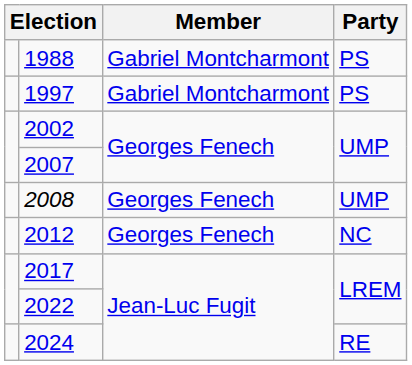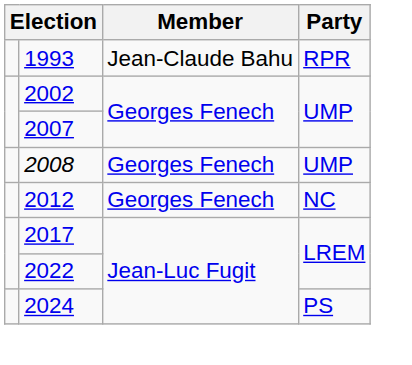 <table class="wikitable">
 <tr>
 <th colspan=2>Election</th>
 <th>Member</th>
 <th>Party</th>
 </tr>
 <tr>
 <td style="background-color: "></td>
-<td><a href='#'>1988</a></td>
-<td><a href='#'>Gabriel Montcharmont</a></td>
-<td><a href='#'>PS</a></td>
-</tr>
-<tr>
-<td style="background-color: "></td>
-<td><a href='#'>1997</a></td>
-<td><a href='#'>Gabriel Montcharmont</a></td>
-<td><a href='#'>PS</a></td>
+<td><a href='#'>1993</a></td>
+<td>Jean-Claude Bahu</td>
+<td><a href='#'>RPR</a></td>
 </tr>
 <tr>
 <td rowspan="2" style="background-color: "></td>
 <td><a href='#'>2002</a></td>
 <td rowspan="2"><a href='#'>Georges Fenech</a></td>
 <td rowspan="2"><a href='#'>UMP</a></td>
 </tr>
 <tr>
 <td><a href='#'>2007</a></td>
 </tr>
 <tr>
 <td style="background-color: "></td>
 <td><em>2008</em></td>
 <td><a href='#'>Georges Fenech</a></td>
 <td><a href='#'>UMP</a></td>
 </tr>
 <tr>
 <td style="background-color: "></td>
 <td><a href='#'>2012</a></td>
 <td><a href='#'>Georges Fenech</a></td>
 <td><a href='#'>NC</a></td>
 </tr>
 <tr>
 <td rowspan="2" style="background-color: "></td>
 <td><a href='#'>2017</a></td>
 <td rowspan="3"><a href='#'>Jean-Luc Fugit</a></td>
 <td rowspan="2"><a href='#'>LREM</a></td>
 </tr>
 <tr>
 <td><a href='#'>2022</a></td>
 </tr>
 <tr>
 <td style="background-color: "></td>
 <td><a href='#'>2024</a></td>
-<td><a href='#'>RE</a></td>
+<td><a href='#'>PS</a></td>
 </tr>
 </table>
